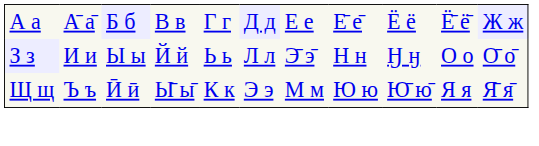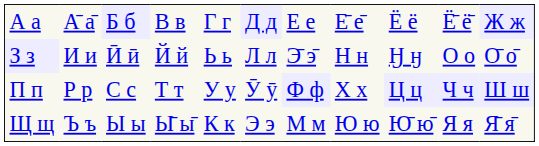 <table class="standard" cellpadding="5" style="font-family:Arial Unicode MS; font-size:1.5em; border-color:#000000; border-width:1px; border-style:solid; border-collapse:collapse; background-color:#F8F8EF">
 <tr>
 <td style="«width:3em;»"><a href='#'>А а</a></td>
 <td style="«width:3em;»"><a href='#'>А̄ а̄</a></td>
 <td style="«width:3em" bgcolor="#EDEDFF" ;»><a href='#'>Б б</a></td>
 <td style="«width:3em;»"><a href='#'>В в</a></td>
 <td style="«width:3em;»"><a href='#'>Г г</a></td>
 <td style="«width:3em" bgcolor="#EDEDFF" ;»><a href='#'>Д д</a></td>
 <td style="«width:3em;»"><a href='#'>Е е</a></td>
 <td style="«width:3em;»"><a href='#'>Е̄ е̄</a></td>
 <td style="«width:3em;»"><a href='#'>Ё ё</a></td>
 <td style="«width:3em;»"><a href='#'>Ё̄ ё̄</a></td>
 <td style="«width:3em" bgcolor="#EDEDFF" ;»><a href='#'>Ж ж</a></td>
 </tr>
 <tr>
 <td style="«width:3em" bgcolor="#EDEDFF" ;»><a href='#'>З з</a></td>
 <td style="«width:3em;»"><a href='#'>И и</a></td>
-<td style="«width:3em;»"><a href='#'>Ы ы</a></td>
+<td style="«width:3em;»"><a href='#'>Ӣ ӣ</a></td>
 <td style="«width:3em;»"><a href='#'>Й й</a></td>
 <td style="«width:3em;»"><a href='#'>Ь ь</a></td>
 <td style="«width:3em;»"><a href='#'>Л л</a></td>
 <td style="«width:3em;»"><a href='#'>Э̄ э̄</a></td>
 <td style="«width:3em;»"><a href='#'>Н н</a></td>
 <td style="«width:3em;»"><a href='#'>Ӈ ӈ</a></td>
 <td style="«width:3em;»"><a href='#'>О о</a></td>
 <td style="«width:3em;»"><a href='#'>О̄ о̄</a></td>
 </tr>
 <tr>
+<td style="«width:3em;»"><a href='#'>П п</a></td>
+<td style="«width:3em;»"><a href='#'>Р р</a></td>
+<td style="«width:3em;»"><a href='#'>С с</a></td>
+<td style="«width:3em;»"><a href='#'>Т т</a></td>
+<td style="«width:3em;»"><a href='#'>У у</a></td>
+<td style="«width:3em;»"><a href='#'>Ӯ ӯ</a></td>
+<td style="«width:3em" bgcolor="#EDEDFF" ;»><a href='#'>Ф ф</a></td>
+<td style="«width:3em;»"><a href='#'>Х х</a></td>
+<td style="«width:3em" bgcolor="#EDEDFF" ;»><a href='#'>Ц ц</a></td>
+<td style="«width:3em" bgcolor="#EDEDFF" ;»><a href='#'>Ч ч</a></td>
+<td style="«width:3em" bgcolor="#EDEDFF" ;»><a href='#'>Ш ш</a></td>
+</tr>
+<tr>
 <td style="«width:3em;»"><a href='#'>Щ щ</a></td>
 <td style="«width:3em;»"><a href='#'>Ъ ъ</a></td>
-<td style="«width:3em;»"><a href='#'>Ӣ ӣ</a></td>
+<td style="«width:3em;»"><a href='#'>Ы ы</a></td>
 <td style="«width:3em;»"><a href='#'>Ы̄ ы̄</a></td>
 <td style="«width:3em;»"><a href='#'>К к</a></td>
 <td style="«width:3em;»"><a href='#'>Э э</a></td>
 <td style="«width:3em;»"><a href='#'>М м</a></td>
 <td style="«width:3em;»"><a href='#'>Ю ю</a></td>
 <td style="«width:3em;»"><a href='#'>Ю̄ ю̄</a></td>
 <td style="«width:3em;»"><a href='#'>Я я</a></td>
 <td style="«width:3em;»"><a href='#'>Я̄ я̄</a></td>
 </tr>
 </table>
